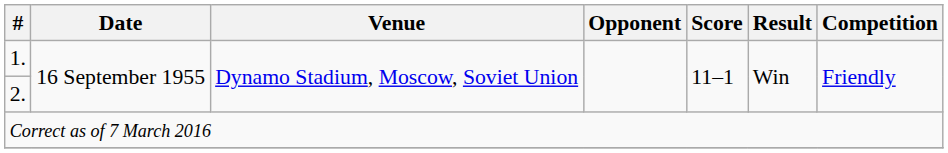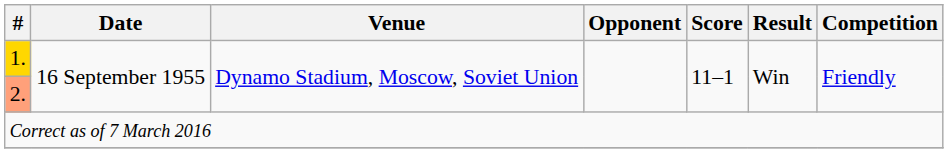 <table class="wikitable" style="font-size:95%;">
 <tr>
 <th>#</th>
 <th>Date</th>
 <th>Venue</th>
 <th>Opponent</th>
 <th>Score</th>
 <th>Result</th>
 <th>Competition</th>
 </tr>
 <tr>
-<td>1.</td>
+<td style="background: gold;">1.</td>
 <td rowspan="2">16 September 1955</td>
 <td rowspan="2"><a href='#'>Dynamo Stadium</a>, <a href='#'>Moscow</a>, <a href='#'>Soviet Union</a></td>
 <td rowspan="2"></td>
 <td rowspan="2">11–1</td>
 <td rowspan="2">Win</td>
 <td rowspan="2"><a href='#'>Friendly</a></td>
 </tr>
 <tr>
-<td>2.</td>
+<td style="background: lightsalmon;">2.</td>
 </tr>
 <tr>
 <td colspan="12"><small><em>Correct as of 7 March 2016</em></small></td>
 </tr>
 <tr>
 </tr>
 </table>
